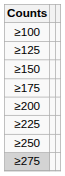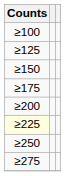 <table class="wikitable">
 <tr>
 <th>Counts</th>
 <th></th>
 <th></th>
 </tr>
 <tr style="text-align:center;">
 <td>≥100</td>
 <td></td>
 <td></td>
 </tr>
 <tr style="text-align:center;">
 <td>≥125</td>
 <td></td>
 <td></td>
 </tr>
 <tr style="text-align:center;">
 <td>≥150</td>
 <td></td>
 <td></td>
 </tr>
 <tr style="text-align:center;">
 <td>≥175</td>
 <td></td>
 <td></td>
 </tr>
 <tr style="text-align:center;">
 <td>≥200</td>
 <td></td>
 <td></td>
 </tr>
 <tr style="text-align:center;">
-<td>≥225</td>
+<td style="background: lightyellow;">≥225</td>
 <td></td>
 <td></td>
 </tr>
 <tr style="text-align:center;">
 <td>≥250</td>
 <td></td>
 <td></td>
 </tr>
 <tr style="text-align:center;">
-<td style="background: lightgrey;">≥275</td>
+<td>≥275</td>
 <td></td>
 <td></td>
 </tr>
 <tr style="text-align:center;">
 </tr>
 </table>
